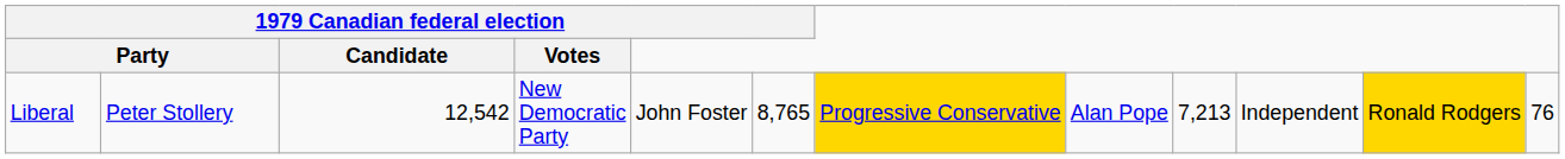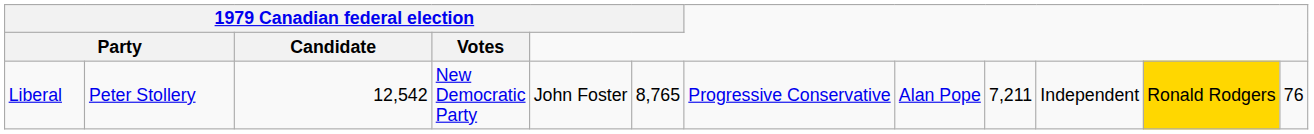 <table class="wikitable">
 <tr style="background:#e9e9e9;">
 <th colspan="6"><a href='#'>1979 Canadian federal election</a></th>
 </tr>
 <tr style="background:#e9e9e9;">
 <th colspan="2" style="width: 200px">Party</th>
 <th style="width: 170px">Candidate</th>
 <th style="width: 40px">Votes</th>
 </tr>
 <tr>
 <td><a href='#'>Liberal</a></td>
 <td><a href='#'>Peter Stollery</a></td>
 <td align="right">12,542<br></td>
 <td><a href='#'>New Democratic Party</a></td>
 <td>John Foster</td>
 <td align="right">8,765<br></td>
-<td style="background: gold;"><a href='#'>Progressive Conservative</a></td>
+<td><a href='#'>Progressive Conservative</a></td>
 <td><a href='#'>Alan Pope</a></td>
-<td align="right">7,213<br>   </td>
+<td align="right">7,211<br>   </td>
 <td>Independent</td>
 <td style="background: gold;">Ronald Rodgers</td>
 <td align="right">76</td>
 </tr>
 </table>
